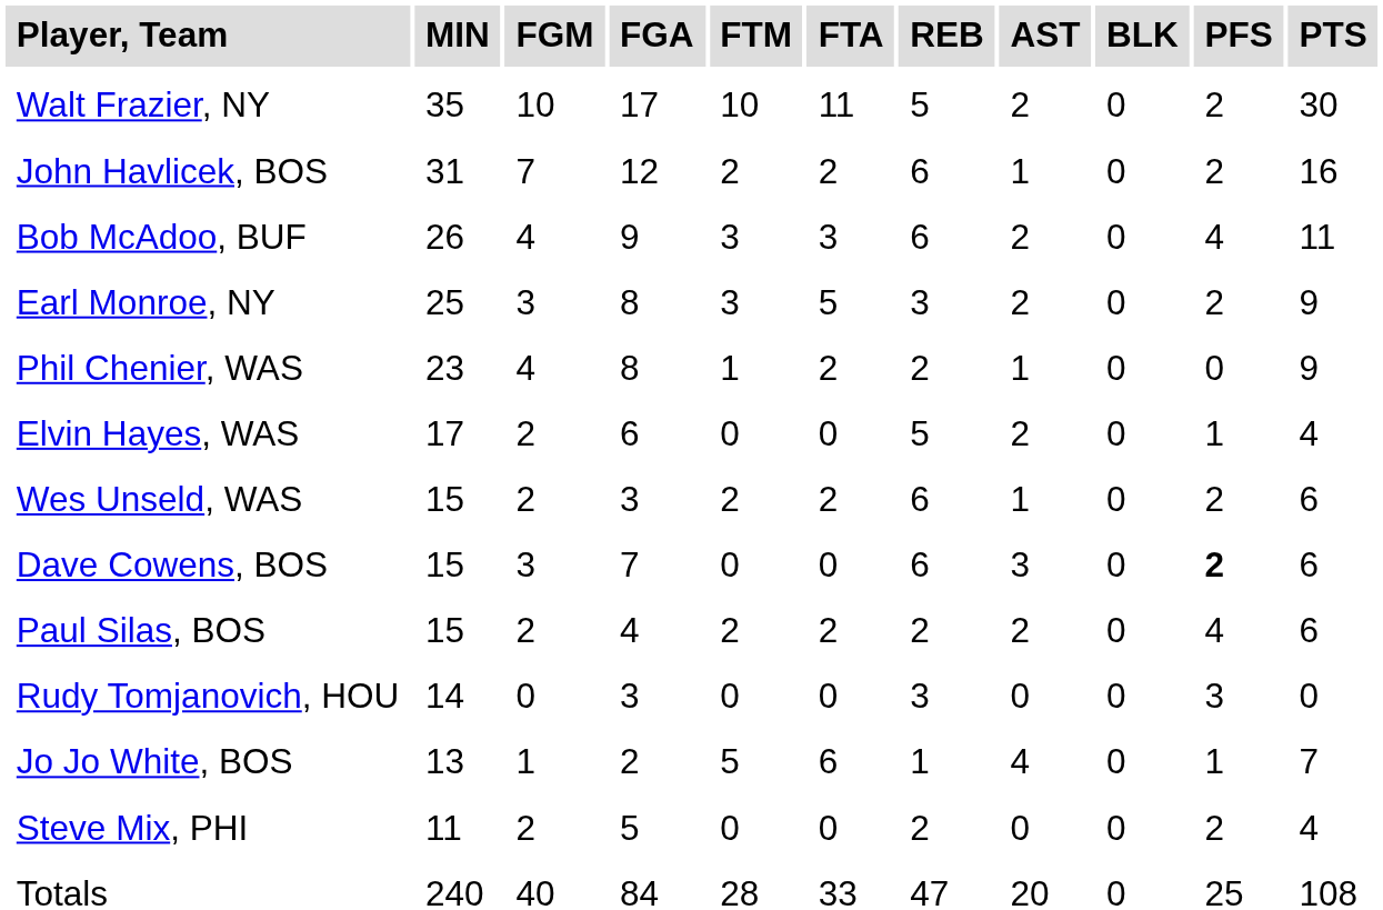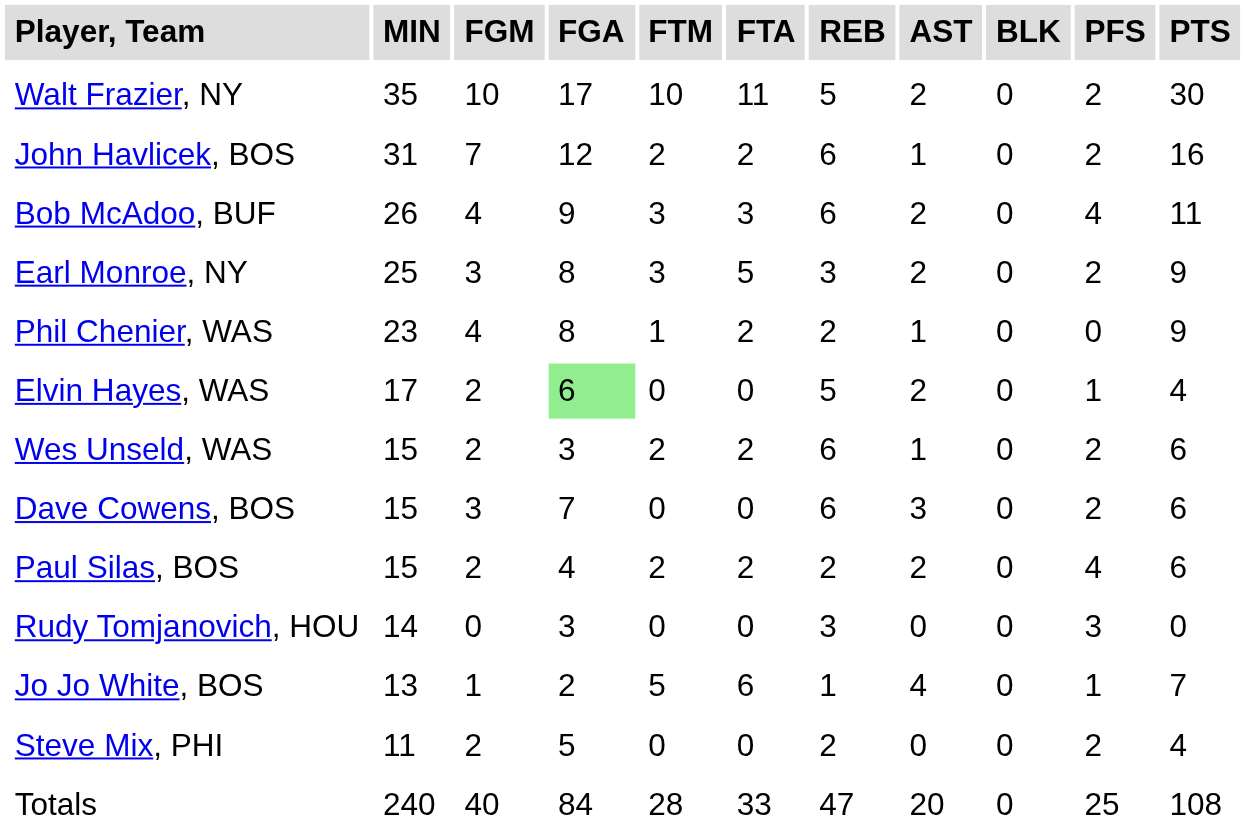 <table cellpadding=5>
 <tr bgcolor="#dddddd">
 <td><strong>Player, Team</strong></td>
 <td><strong>MIN</strong></td>
 <td><strong>FGM</strong></td>
 <td><strong>FGA</strong></td>
 <td><strong>FTM</strong></td>
 <td><strong>FTA</strong></td>
 <td><strong>REB</strong></td>
 <td><strong>AST</strong></td>
 <td><strong>BLK</strong></td>
 <td><strong>PFS</strong></td>
 <td><strong>PTS</strong></td>
 </tr>
 <tr bgcolor="#eeeeee">
 </tr>
 <tr>
 <td><a href='#'>Walt Frazier</a>, NY</td>
 <td>35</td>
 <td>10</td>
 <td>17</td>
 <td>10</td>
 <td>11</td>
 <td>5</td>
 <td>2</td>
 <td>0</td>
 <td>2</td>
 <td>30</td>
 </tr>
 <tr>
 <td><a href='#'>John Havlicek</a>, BOS</td>
 <td>31</td>
 <td>7</td>
 <td>12</td>
 <td>2</td>
 <td>2</td>
 <td>6</td>
 <td>1</td>
 <td>0</td>
 <td>2</td>
 <td>16</td>
 </tr>
 <tr>
 <td><a href='#'>Bob McAdoo</a>, BUF</td>
 <td>26</td>
 <td>4</td>
 <td>9</td>
 <td>3</td>
 <td>3</td>
 <td>6</td>
 <td>2</td>
 <td>0</td>
 <td>4</td>
 <td>11</td>
 </tr>
 <tr>
 <td><a href='#'>Earl Monroe</a>, NY</td>
 <td>25</td>
 <td>3</td>
 <td>8</td>
 <td>3</td>
 <td>5</td>
 <td>3</td>
 <td>2</td>
 <td>0</td>
 <td>2</td>
 <td>9</td>
 </tr>
 <tr>
 <td><a href='#'>Phil Chenier</a>, WAS</td>
 <td>23</td>
 <td>4</td>
 <td>8</td>
 <td>1</td>
 <td>2</td>
 <td>2</td>
 <td>1</td>
 <td>0</td>
 <td>0</td>
 <td>9</td>
 </tr>
 <tr>
 <td><a href='#'>Elvin Hayes</a>, WAS</td>
 <td>17</td>
 <td>2</td>
-<td>6</td>
+<td style="background: lightgreen;">6</td>
 <td>0</td>
 <td>0</td>
 <td>5</td>
 <td>2</td>
 <td>0</td>
 <td>1</td>
 <td>4</td>
 </tr>
 <tr>
 <td><a href='#'>Wes Unseld</a>, WAS</td>
 <td>15</td>
 <td>2</td>
 <td>3</td>
 <td>2</td>
 <td>2</td>
 <td>6</td>
 <td>1</td>
 <td>0</td>
 <td>2</td>
 <td>6</td>
 </tr>
 <tr>
 <td><a href='#'>Dave Cowens</a>, BOS</td>
 <td>15</td>
 <td>3</td>
 <td>7</td>
 <td>0</td>
 <td>0</td>
 <td>6</td>
 <td>3</td>
 <td>0</td>
-<td><strong>2</strong></td>
+<td>2</td>
 <td>6</td>
 </tr>
 <tr>
 <td><a href='#'>Paul Silas</a>, BOS</td>
 <td>15</td>
 <td>2</td>
 <td>4</td>
 <td>2</td>
 <td>2</td>
 <td>2</td>
 <td>2</td>
 <td>0</td>
 <td>4</td>
 <td>6</td>
 </tr>
 <tr>
 <td><a href='#'>Rudy Tomjanovich</a>, HOU</td>
 <td>14</td>
 <td>0</td>
 <td>3</td>
 <td>0</td>
 <td>0</td>
 <td>3</td>
 <td>0</td>
 <td>0</td>
 <td>3</td>
 <td>0</td>
 </tr>
 <tr>
 <td><a href='#'>Jo Jo White</a>, BOS</td>
 <td>13</td>
 <td>1</td>
 <td>2</td>
 <td>5</td>
 <td>6</td>
 <td>1</td>
 <td>4</td>
 <td>0</td>
 <td>1</td>
 <td>7</td>
 </tr>
 <tr>
 <td><a href='#'>Steve Mix</a>, PHI</td>
 <td>11</td>
 <td>2</td>
 <td>5</td>
 <td>0</td>
 <td>0</td>
 <td>2</td>
 <td>0</td>
 <td>0</td>
 <td>2</td>
 <td>4</td>
 </tr>
 <tr>
 <td>Totals</td>
 <td>240</td>
 <td>40</td>
 <td>84</td>
 <td>28</td>
 <td>33</td>
 <td>47</td>
 <td>20</td>
 <td>0</td>
 <td>25</td>
 <td>108</td>
 </tr>
 <tr>
 </tr>
 </table>
